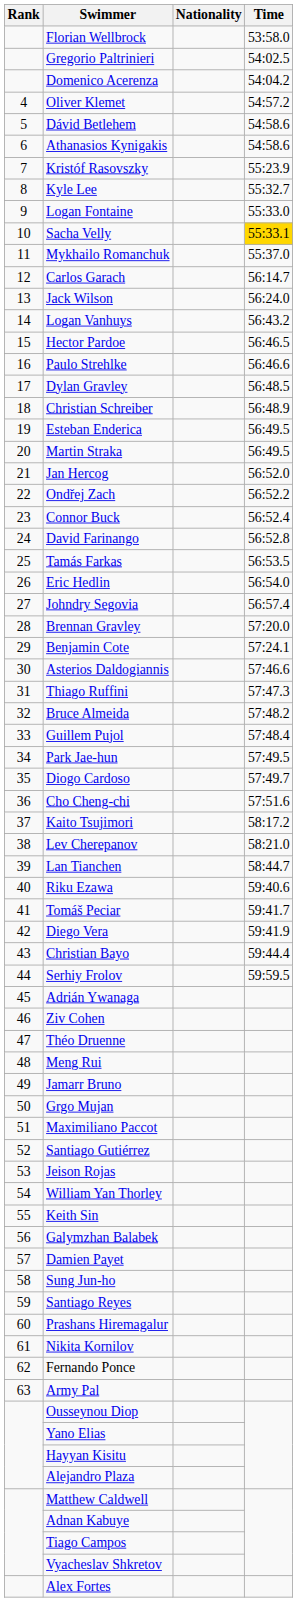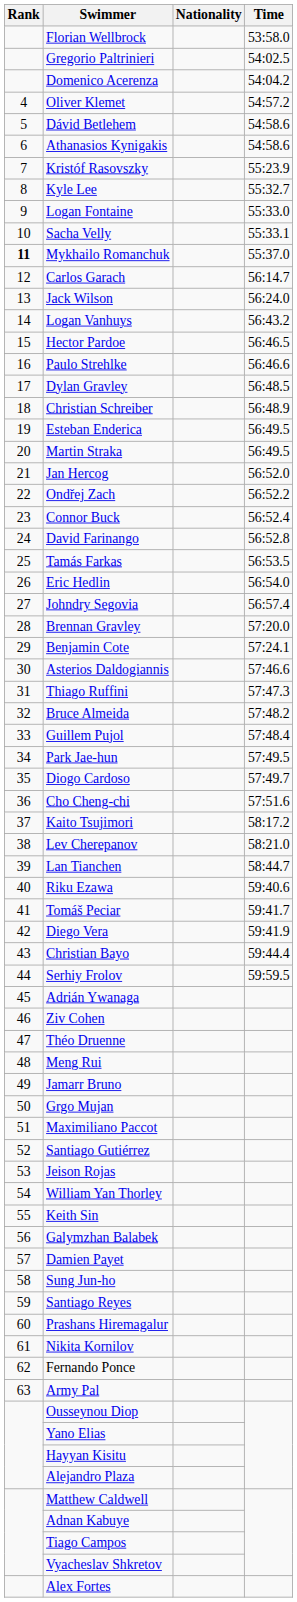 <table class="wikitable sortable" style="text-align:center">
 <tr>
 <th>Rank</th>
 <th>Swimmer</th>
 <th>Nationality</th>
 <th>Time</th>
 </tr>
 <tr>
 <td></td>
 <td align=left><a href='#'>Florian Wellbrock</a></td>
 <td align=left></td>
 <td>53:58.0</td>
 </tr>
 <tr>
 <td></td>
 <td align=left><a href='#'>Gregorio Paltrinieri</a></td>
 <td align=left></td>
 <td>54:02.5</td>
 </tr>
 <tr>
 <td></td>
 <td align=left><a href='#'>Domenico Acerenza</a></td>
 <td align=left></td>
 <td>54:04.2</td>
 </tr>
 <tr>
 <td>4</td>
 <td align=left><a href='#'>Oliver Klemet</a></td>
 <td align=left></td>
 <td>54:57.2</td>
 </tr>
 <tr>
 <td>5</td>
 <td align=left><a href='#'>Dávid Betlehem</a></td>
 <td align=left></td>
 <td>54:58.6</td>
 </tr>
 <tr>
 <td>6</td>
 <td align=left><a href='#'>Athanasios Kynigakis</a></td>
 <td align=left></td>
 <td>54:58.6</td>
 </tr>
 <tr>
 <td>7</td>
 <td align=left><a href='#'>Kristóf Rasovszky</a></td>
 <td align=left></td>
 <td>55:23.9</td>
 </tr>
 <tr>
 <td>8</td>
 <td align=left><a href='#'>Kyle Lee</a></td>
 <td align=left></td>
 <td>55:32.7</td>
 </tr>
 <tr>
 <td>9</td>
 <td align=left><a href='#'>Logan Fontaine</a></td>
 <td align=left></td>
 <td>55:33.0</td>
 </tr>
 <tr>
 <td>10</td>
 <td align=left><a href='#'>Sacha Velly</a></td>
 <td align=left></td>
-<td style="background: gold;">55:33.1</td>
+<td>55:33.1</td>
 </tr>
 <tr>
-<td>11</td>
+<td><strong>11</strong></td>
 <td align=left><a href='#'>Mykhailo Romanchuk</a></td>
 <td align=left></td>
 <td>55:37.0</td>
 </tr>
 <tr>
 <td>12</td>
 <td align=left><a href='#'>Carlos Garach</a></td>
 <td align=left></td>
 <td>56:14.7</td>
 </tr>
 <tr>
 <td>13</td>
 <td align=left><a href='#'>Jack Wilson</a></td>
 <td align=left></td>
 <td>56:24.0</td>
 </tr>
 <tr>
 <td>14</td>
 <td align=left><a href='#'>Logan Vanhuys</a></td>
 <td align=left></td>
 <td>56:43.2</td>
 </tr>
 <tr>
 <td>15</td>
 <td align=left><a href='#'>Hector Pardoe</a></td>
 <td align=left></td>
 <td>56:46.5</td>
 </tr>
 <tr>
 <td>16</td>
 <td align=left><a href='#'>Paulo Strehlke</a></td>
 <td align=left></td>
 <td>56:46.6</td>
 </tr>
 <tr>
 <td>17</td>
 <td align=left><a href='#'>Dylan Gravley</a></td>
 <td align=left></td>
 <td>56:48.5</td>
 </tr>
 <tr>
 <td>18</td>
 <td align=left><a href='#'>Christian Schreiber</a></td>
 <td align=left></td>
 <td>56:48.9</td>
 </tr>
 <tr>
 <td>19</td>
 <td align=left><a href='#'>Esteban Enderica</a></td>
 <td align=left></td>
 <td>56:49.5</td>
 </tr>
 <tr>
 <td>20</td>
 <td align=left><a href='#'>Martin Straka</a></td>
 <td align=left></td>
 <td>56:49.5</td>
 </tr>
 <tr>
 <td>21</td>
 <td align=left><a href='#'>Jan Hercog</a></td>
 <td align=left></td>
 <td>56:52.0</td>
 </tr>
 <tr>
 <td>22</td>
 <td align=left><a href='#'>Ondřej Zach</a></td>
 <td align=left></td>
 <td>56:52.2</td>
 </tr>
 <tr>
 <td>23</td>
 <td align=left><a href='#'>Connor Buck</a></td>
 <td align=left></td>
 <td>56:52.4</td>
 </tr>
 <tr>
 <td>24</td>
 <td align=left><a href='#'>David Farinango</a></td>
 <td align=left></td>
 <td>56:52.8</td>
 </tr>
 <tr>
 <td>25</td>
 <td align=left><a href='#'>Tamás Farkas</a></td>
 <td align=left></td>
 <td>56:53.5</td>
 </tr>
 <tr>
 <td>26</td>
 <td align=left><a href='#'>Eric Hedlin</a></td>
 <td align=left></td>
 <td>56:54.0</td>
 </tr>
 <tr>
 <td>27</td>
 <td align=left><a href='#'>Johndry Segovia</a></td>
 <td align=left></td>
 <td>56:57.4</td>
 </tr>
 <tr>
 <td>28</td>
 <td align=left><a href='#'>Brennan Gravley</a></td>
 <td align=left></td>
 <td>57:20.0</td>
 </tr>
 <tr>
 <td>29</td>
 <td align=left><a href='#'>Benjamin Cote</a></td>
 <td align=left></td>
 <td>57:24.1</td>
 </tr>
 <tr>
 <td>30</td>
 <td align=left><a href='#'>Asterios Daldogiannis</a></td>
 <td align=left></td>
 <td>57:46.6</td>
 </tr>
 <tr>
 <td>31</td>
 <td align=left><a href='#'>Thiago Ruffini</a></td>
 <td align=left></td>
 <td>57:47.3</td>
 </tr>
 <tr>
 <td>32</td>
 <td align=left><a href='#'>Bruce Almeida</a></td>
 <td align=left></td>
 <td>57:48.2</td>
 </tr>
 <tr>
 <td>33</td>
 <td align=left><a href='#'>Guillem Pujol</a></td>
 <td align=left></td>
 <td>57:48.4</td>
 </tr>
 <tr>
 <td>34</td>
 <td align=left><a href='#'>Park Jae-hun</a></td>
 <td align=left></td>
 <td>57:49.5</td>
 </tr>
 <tr>
 <td>35</td>
 <td align=left><a href='#'>Diogo Cardoso</a></td>
 <td align=left></td>
 <td>57:49.7</td>
 </tr>
 <tr>
 <td>36</td>
 <td align=left><a href='#'>Cho Cheng-chi</a></td>
 <td align=left></td>
 <td>57:51.6</td>
 </tr>
 <tr>
 <td>37</td>
 <td align=left><a href='#'>Kaito Tsujimori</a></td>
 <td align=left></td>
 <td>58:17.2</td>
 </tr>
 <tr>
 <td>38</td>
 <td align=left><a href='#'>Lev Cherepanov</a></td>
 <td align=left></td>
 <td>58:21.0</td>
 </tr>
 <tr>
 <td>39</td>
 <td align=left><a href='#'>Lan Tianchen</a></td>
 <td align=left></td>
 <td>58:44.7</td>
 </tr>
 <tr>
 <td>40</td>
 <td align=left><a href='#'>Riku Ezawa</a></td>
 <td align=left></td>
 <td>59:40.6</td>
 </tr>
 <tr>
 <td>41</td>
 <td align=left><a href='#'>Tomáš Peciar</a></td>
 <td align=left></td>
 <td>59:41.7</td>
 </tr>
 <tr>
 <td>42</td>
 <td align=left><a href='#'>Diego Vera</a></td>
 <td align=left></td>
 <td>59:41.9</td>
 </tr>
 <tr>
 <td>43</td>
 <td align=left><a href='#'>Christian Bayo</a></td>
 <td align=left></td>
 <td>59:44.4</td>
 </tr>
 <tr>
 <td>44</td>
 <td align=left><a href='#'>Serhiy Frolov</a></td>
 <td align=left></td>
 <td>59:59.5</td>
 </tr>
 <tr>
 <td>45</td>
 <td align=left><a href='#'>Adrián Ywanaga</a></td>
 <td align=left></td>
 <td></td>
 </tr>
 <tr>
 <td>46</td>
 <td align=left><a href='#'>Ziv Cohen</a></td>
 <td align=left></td>
 <td></td>
 </tr>
 <tr>
 <td>47</td>
 <td align=left><a href='#'>Théo Druenne</a></td>
 <td align=left></td>
 <td></td>
 </tr>
 <tr>
 <td>48</td>
 <td align=left><a href='#'>Meng Rui</a></td>
 <td align=left></td>
 <td></td>
 </tr>
 <tr>
 <td>49</td>
 <td align=left><a href='#'>Jamarr Bruno</a></td>
 <td align=left></td>
 <td></td>
 </tr>
 <tr>
 <td>50</td>
 <td align=left><a href='#'>Grgo Mujan</a></td>
 <td align=left></td>
 <td></td>
 </tr>
 <tr>
 <td>51</td>
 <td align=left><a href='#'>Maximiliano Paccot</a></td>
 <td align=left></td>
 <td></td>
 </tr>
 <tr>
 <td>52</td>
 <td align=left><a href='#'>Santiago Gutiérrez</a></td>
 <td align=left></td>
 <td></td>
 </tr>
 <tr>
 <td>53</td>
 <td align=left><a href='#'>Jeison Rojas</a></td>
 <td align=left></td>
 <td></td>
 </tr>
 <tr>
 <td>54</td>
 <td align=left><a href='#'>William Yan Thorley</a></td>
 <td align=left></td>
 <td></td>
 </tr>
 <tr>
 <td>55</td>
 <td align=left><a href='#'>Keith Sin</a></td>
 <td align=left></td>
 <td></td>
 </tr>
 <tr>
 <td>56</td>
 <td align=left><a href='#'>Galymzhan Balabek</a></td>
 <td align=left></td>
 <td></td>
 </tr>
 <tr>
 <td>57</td>
 <td align=left><a href='#'>Damien Payet</a></td>
 <td align=left></td>
 <td></td>
 </tr>
 <tr>
 <td>58</td>
 <td align=left><a href='#'>Sung Jun-ho</a></td>
 <td align=left></td>
 <td></td>
 </tr>
 <tr>
 <td>59</td>
 <td align=left><a href='#'>Santiago Reyes</a></td>
 <td align=left></td>
 <td></td>
 </tr>
 <tr>
 <td>60</td>
 <td align=left><a href='#'>Prashans Hiremagalur</a></td>
 <td align=left></td>
 <td></td>
 </tr>
 <tr>
 <td>61</td>
 <td align=left><a href='#'>Nikita Kornilov</a></td>
 <td align=left></td>
 <td></td>
 </tr>
 <tr>
 <td>62</td>
 <td align=left>Fernando Ponce</td>
 <td align=left></td>
 <td></td>
 </tr>
 <tr>
 <td>63</td>
 <td align=left><a href='#'>Army Pal</a></td>
 <td align=left></td>
 <td></td>
 </tr>
 <tr>
 <td rowspan=4></td>
 <td align=left><a href='#'>Ousseynou Diop</a></td>
 <td align=left></td>
 <td rowspan=4></td>
 </tr>
 <tr>
 <td align=left><a href='#'>Yano Elias</a></td>
 <td align=left></td>
 </tr>
 <tr>
 <td align=left><a href='#'>Hayyan Kisitu</a></td>
 <td align=left></td>
 </tr>
 <tr>
 <td align=left><a href='#'>Alejandro Plaza</a></td>
 <td align=left></td>
 </tr>
 <tr>
 <td rowspan=4></td>
 <td align=left><a href='#'>Matthew Caldwell</a></td>
 <td align=left></td>
 <td rowspan=4></td>
 </tr>
 <tr>
 <td align=left><a href='#'>Adnan Kabuye</a></td>
 <td align=left></td>
 </tr>
 <tr>
 <td align=left><a href='#'>Tiago Campos</a></td>
 <td align=left></td>
 </tr>
 <tr>
 <td align=left><a href='#'>Vyacheslav Shkretov</a></td>
 <td align=left></td>
 </tr>
 <tr>
 <td></td>
 <td align=left><a href='#'>Alex Fortes</a></td>
 <td align=left></td>
 <td></td>
 </tr>
 </table>
